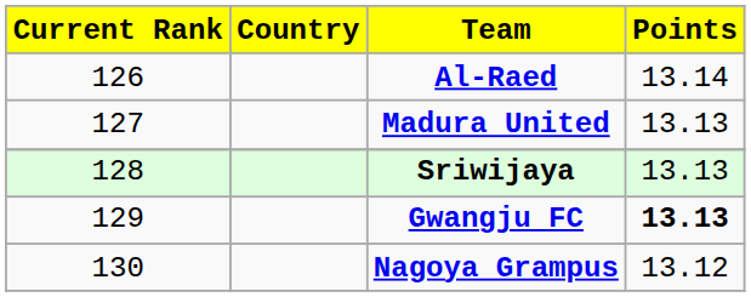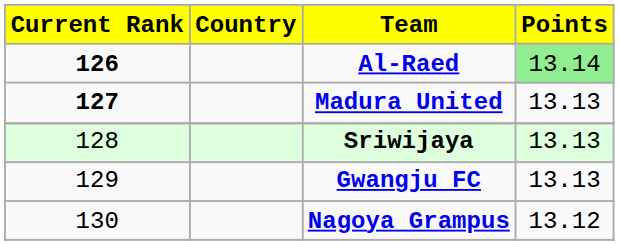 <table class="wikitable" style="text-align: center;">
 <tr>
 <th style="background:#FFFF00"><span> Current Rank</span></th>
 <th style="background:#FFFF00"><span> Country</span></th>
 <th style="background:#FFFF00"><span> Team</span></th>
 <th style="background:#FFFF00"><span> Points</span></th>
 </tr>
 <tr>
-<td>126</td>
+<td><strong>126</strong></td>
 <td></td>
 <td><strong><a href='#'>Al-Raed</a></strong></td>
-<td>13.14</td>
+<td style="background: lightgreen;">13.14</td>
 </tr>
 <tr>
-<td>127</td>
+<td><strong>127</strong></td>
 <td></td>
 <td><strong><a href='#'>Madura United</a></strong></td>
 <td>13.13</td>
 </tr>
 <tr>
 </tr>
 <tr bgcolor="#ddffdd">
 <td>128</td>
 <td></td>
 <td><strong>Sriwijaya</strong></td>
 <td>13.13</td>
 </tr>
 <tr>
 <td>129</td>
 <td></td>
 <td><strong><a href='#'>Gwangju FC</a></strong></td>
-<td><strong>13.13</strong></td>
+<td>13.13</td>
 </tr>
 <tr>
 <td>130</td>
 <td></td>
 <td><strong><a href='#'>Nagoya Grampus</a></strong></td>
 <td>13.12</td>
 </tr>
 </table>
